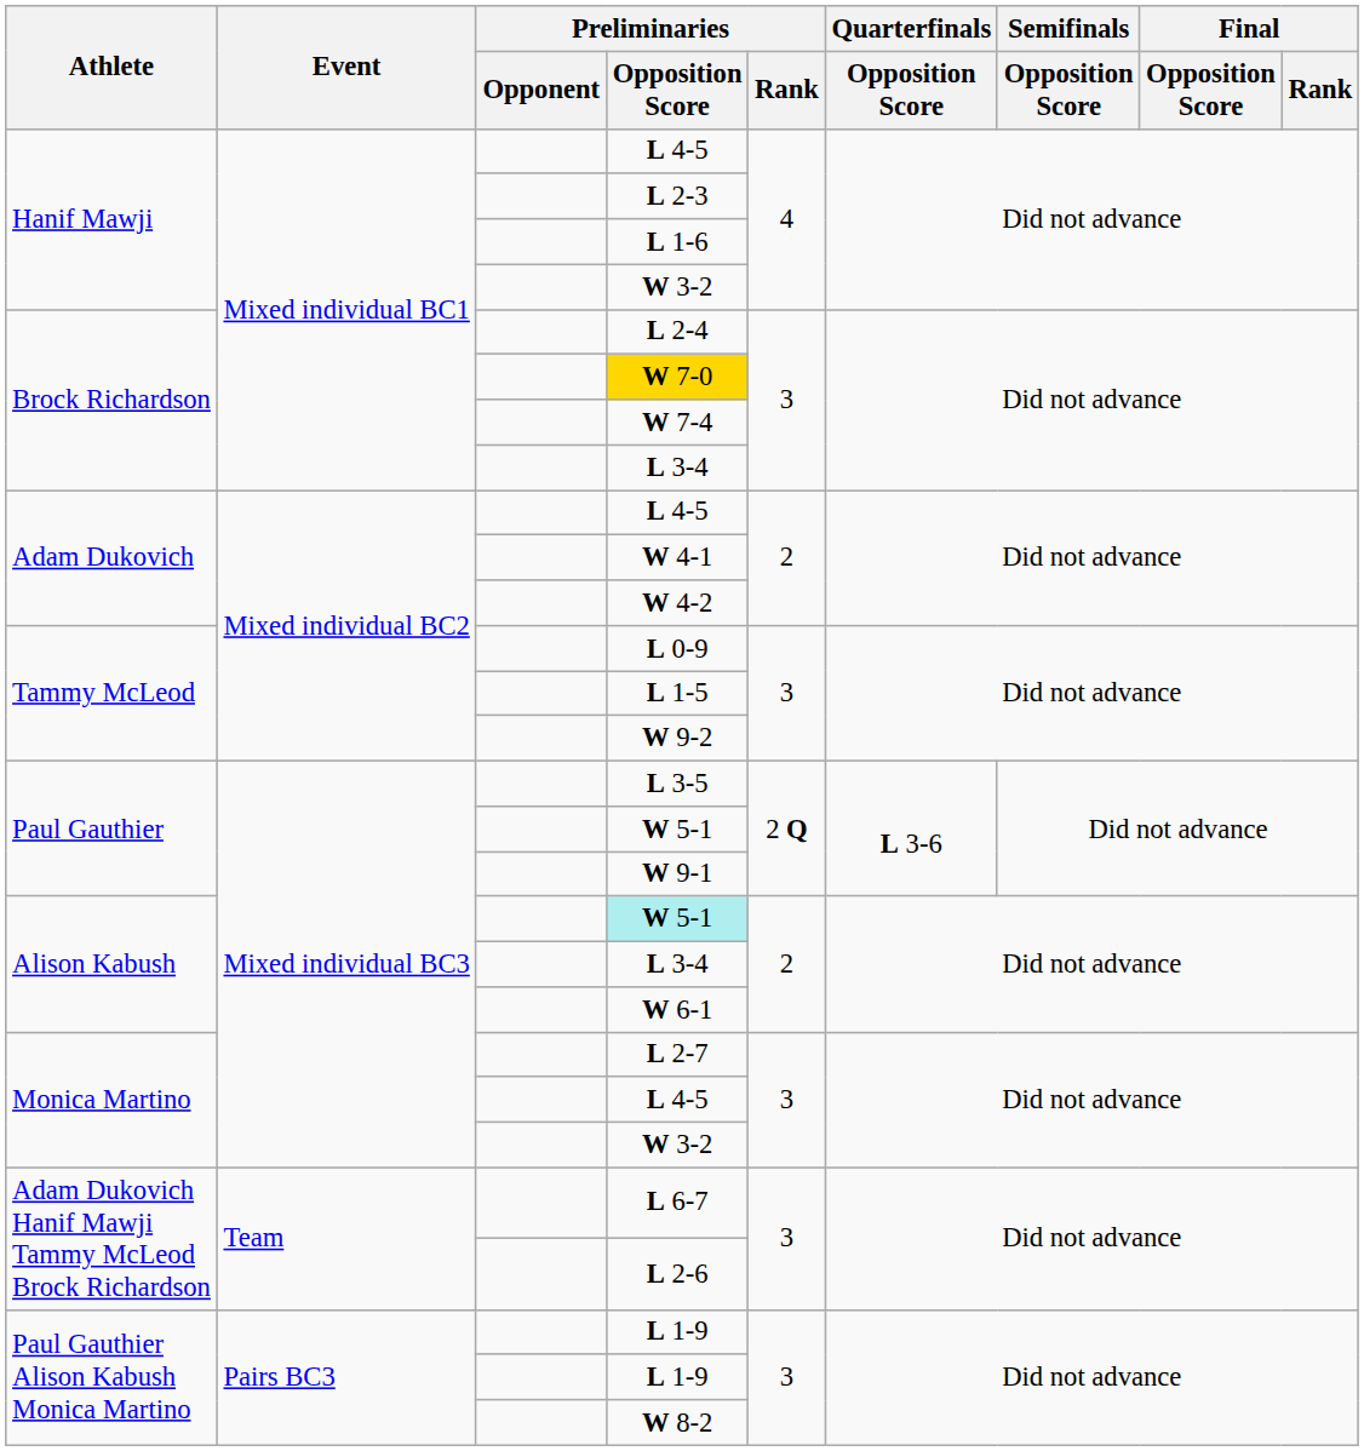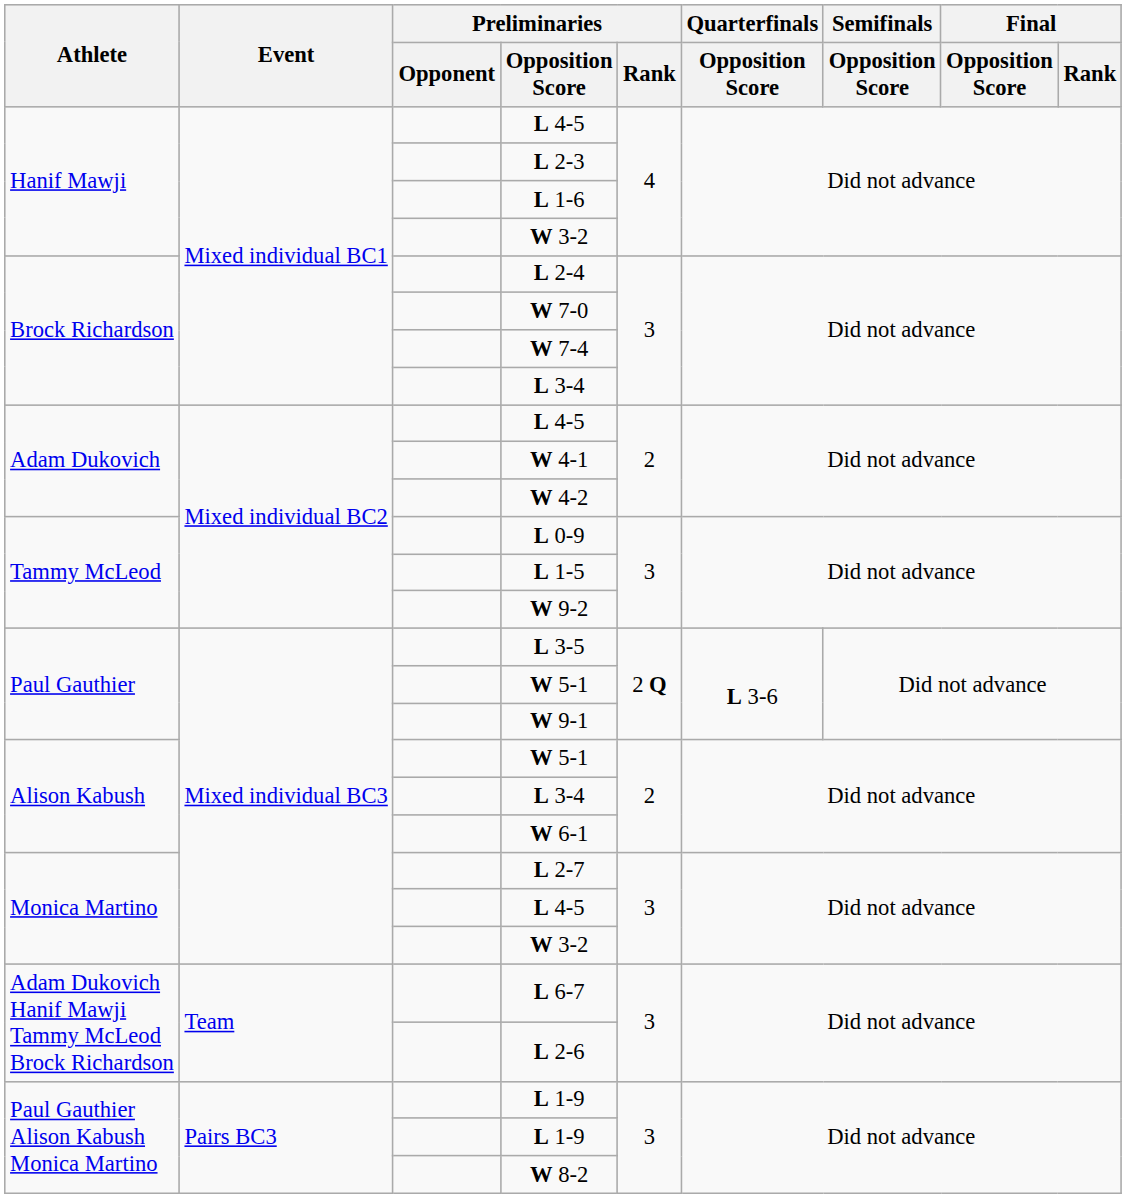 <table class=wikitable style="font-size:90%">
 <tr>
 <th rowspan="2">Athlete</th>
 <th rowspan="2">Event</th>
 <th colspan="3">Preliminaries</th>
 <th>Quarterfinals</th>
 <th>Semifinals</th>
 <th colspan="2">Final</th>
 </tr>
 <tr>
 <th>Opponent</th>
 <th>Opposition<br>Score</th>
 <th>Rank</th>
 <th>Opposition<br>Score</th>
 <th>Opposition<br>Score</th>
 <th>Opposition<br>Score</th>
 <th>Rank</th>
 </tr>
 <tr>
 <td rowspan="4"><a href='#'>Hanif Mawji</a></td>
 <td rowspan="8"><a href='#'>Mixed individual BC1</a></td>
 <td align="left"></td>
 <td align="center"><strong>L</strong> 4-5</td>
 <td align="center" rowspan="4">4</td>
 <td align="center" rowspan="4" colspan="4">Did not advance</td>
 </tr>
 <tr>
 <td align="left"></td>
 <td align="center"><strong>L</strong> 2-3</td>
 </tr>
 <tr>
 <td align="left"></td>
 <td align="center"><strong>L</strong> 1-6</td>
 </tr>
 <tr>
 <td align="left"></td>
 <td align="center"><strong>W</strong> 3-2</td>
 </tr>
 <tr>
 <td rowspan="4"><a href='#'>Brock Richardson</a></td>
 <td align="left"></td>
 <td align="center"><strong>L</strong> 2-4</td>
 <td align="center" rowspan="4">3</td>
 <td align="center" rowspan="4" colspan="4">Did not advance</td>
 </tr>
 <tr>
 <td align="left"></td>
-<td align="center" style="background: gold;"><strong>W</strong> 7-0</td>
+<td align="center"><strong>W</strong> 7-0</td>
 </tr>
 <tr>
 <td align="left"></td>
 <td align="center"><strong>W</strong> 7-4</td>
 </tr>
 <tr>
 <td align="left"></td>
 <td align="center"><strong>L</strong> 3-4</td>
 </tr>
 <tr>
 <td rowspan="3"><a href='#'>Adam Dukovich</a></td>
 <td rowspan="6"><a href='#'>Mixed individual BC2</a></td>
 <td align="left"></td>
 <td align="center"><strong>L</strong> 4-5</td>
 <td align="center" rowspan="3">2</td>
 <td align="center" rowspan="3" colspan="4">Did not advance</td>
 </tr>
 <tr>
 <td align="left"></td>
 <td align="center"><strong>W</strong> 4-1</td>
 </tr>
 <tr>
 <td align="left"></td>
 <td align="center"><strong>W</strong> 4-2</td>
 </tr>
 <tr>
 <td rowspan="3"><a href='#'>Tammy McLeod</a></td>
 <td align="left"></td>
 <td align="center"><strong>L</strong> 0-9</td>
 <td align="center" rowspan="3">3</td>
 <td align="center" rowspan="3" colspan="4">Did not advance</td>
 </tr>
 <tr>
 <td align="left"></td>
 <td align="center"><strong>L</strong> 1-5</td>
 </tr>
 <tr>
 <td align="left"></td>
 <td align="center"><strong>W</strong> 9-2</td>
 </tr>
 <tr>
 <td rowspan="3"><a href='#'>Paul Gauthier</a></td>
 <td rowspan="9"><a href='#'>Mixed individual BC3</a></td>
 <td align="left"></td>
 <td align="center"><strong>L</strong> 3-5</td>
 <td align="center" rowspan="3">2 <strong>Q</strong></td>
 <td align="center" rowspan="3"><br><strong>L</strong> 3-6</td>
 <td align="center" rowspan="3" colspan="3">Did not advance</td>
 </tr>
 <tr>
 <td align="left"></td>
 <td align="center"><strong>W</strong> 5-1</td>
 </tr>
 <tr>
 <td align="left"></td>
 <td align="center"><strong>W</strong> 9-1</td>
 </tr>
 <tr>
 <td rowspan="3"><a href='#'>Alison Kabush</a></td>
 <td align="left"></td>
-<td align="center" style="background: paleturquoise;"><strong>W</strong> 5-1</td>
+<td align="center"><strong>W</strong> 5-1</td>
 <td align="center" rowspan="3">2</td>
 <td align="center" rowspan="3" colspan="4">Did not advance</td>
 </tr>
 <tr>
 <td align="left"></td>
 <td align="center"><strong>L</strong> 3-4</td>
 </tr>
 <tr>
 <td align="left"></td>
 <td align="center"><strong>W</strong> 6-1</td>
 </tr>
 <tr>
 <td rowspan="3"><a href='#'>Monica Martino</a></td>
 <td align="left"></td>
 <td align="center"><strong>L</strong> 2-7</td>
 <td align="center" rowspan="3">3</td>
 <td align="center" rowspan="3" colspan="4">Did not advance</td>
 </tr>
 <tr>
 <td align="left"></td>
 <td align="center"><strong>L</strong> 4-5</td>
 </tr>
 <tr>
 <td align="left"></td>
 <td align="center"><strong>W</strong> 3-2</td>
 </tr>
 <tr>
 <td rowspan="2"><a href='#'>Adam Dukovich</a><br> <a href='#'>Hanif Mawji</a><br> <a href='#'>Tammy McLeod</a><br> <a href='#'>Brock Richardson</a></td>
 <td rowspan="2"><a href='#'>Team</a></td>
 <td align="left"></td>
 <td align="center"><strong>L</strong> 6-7</td>
 <td align="center" rowspan="2">3</td>
 <td align="center" rowspan="2" colspan="4">Did not advance</td>
 </tr>
 <tr>
 <td align="left"></td>
 <td align="center"><strong>L</strong> 2-6</td>
 </tr>
 <tr>
 <td rowspan="3"><a href='#'>Paul Gauthier</a><br> <a href='#'>Alison Kabush</a><br> <a href='#'>Monica Martino</a></td>
 <td rowspan="3"><a href='#'>Pairs BC3</a></td>
 <td align="left"></td>
 <td align="center"><strong>L</strong> 1-9</td>
 <td align="center" rowspan="3">3</td>
 <td align="center" rowspan="3" colspan="4">Did not advance</td>
 </tr>
 <tr>
 <td align="left"></td>
 <td align="center"><strong>L</strong> 1-9</td>
 </tr>
 <tr>
 <td align="left"></td>
 <td align="center"><strong>W</strong> 8-2</td>
 </tr>
 </table>
